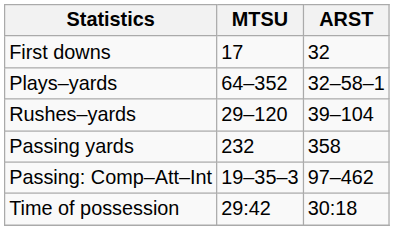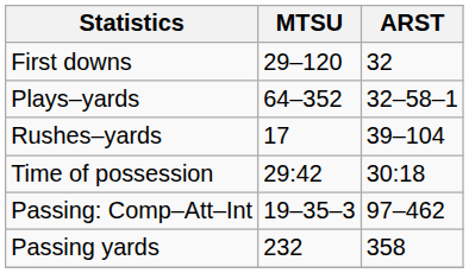 <table class="wikitable">
 <tr>
 <th>Statistics</th>
 <th>MTSU</th>
 <th>ARST</th>
 </tr>
 <tr>
 <td>First downs</td>
-<td>17</td>
+<td>29–120</td>
 <td>32</td>
 </tr>
 <tr>
 <td>Plays–yards</td>
 <td>64–352</td>
 <td>32–58–1</td>
 </tr>
 <tr>
 <td>Rushes–yards</td>
-<td>29–120</td>
+<td>17</td>
 <td>39–104</td>
+</tr>
+<tr>
+<td>Time of possession</td>
+<td>29:42</td>
+<td>30:18</td>
+</tr>
+<tr>
+<td>Passing: Comp–Att–Int</td>
+<td>19–35–3</td>
+<td>97–462</td>
 </tr>
 <tr>
 <td>Passing yards</td>
 <td>232</td>
 <td>358</td>
 </tr>
 <tr>
-<td>Passing: Comp–Att–Int</td>
-<td>19–35–3</td>
-<td>97–462</td>
-</tr>
-<tr>
-<td>Time of possession</td>
-<td>29:42</td>
-<td>30:18</td>
-</tr>
-<tr>
 </tr>
 </table>
